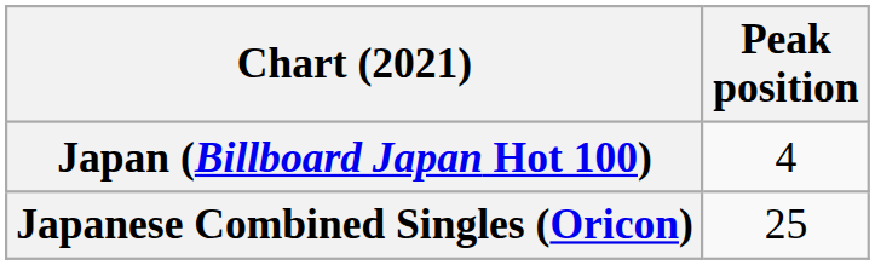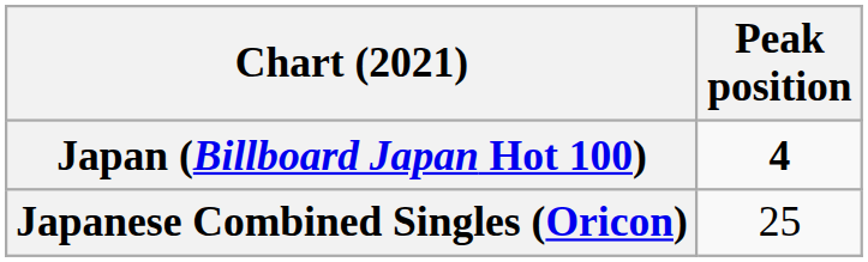 <table class="wikitable sortable plainrowheaders" style="text-align:center">
 <tr>
 <th scope="col">Chart (2021)</th>
 <th scope="col">Peak<br>position</th>
 </tr>
 <tr>
 <th scope="row">Japan (<a href='#'><em>Billboard Japan</em> Hot 100</a>)</th>
-<td>4</td>
+<td><strong>4</strong></td>
 </tr>
 <tr>
 <th scope="row">Japanese Combined Singles (<a href='#'>Oricon</a>)</th>
 <td>25</td>
 </tr>
 </table>
